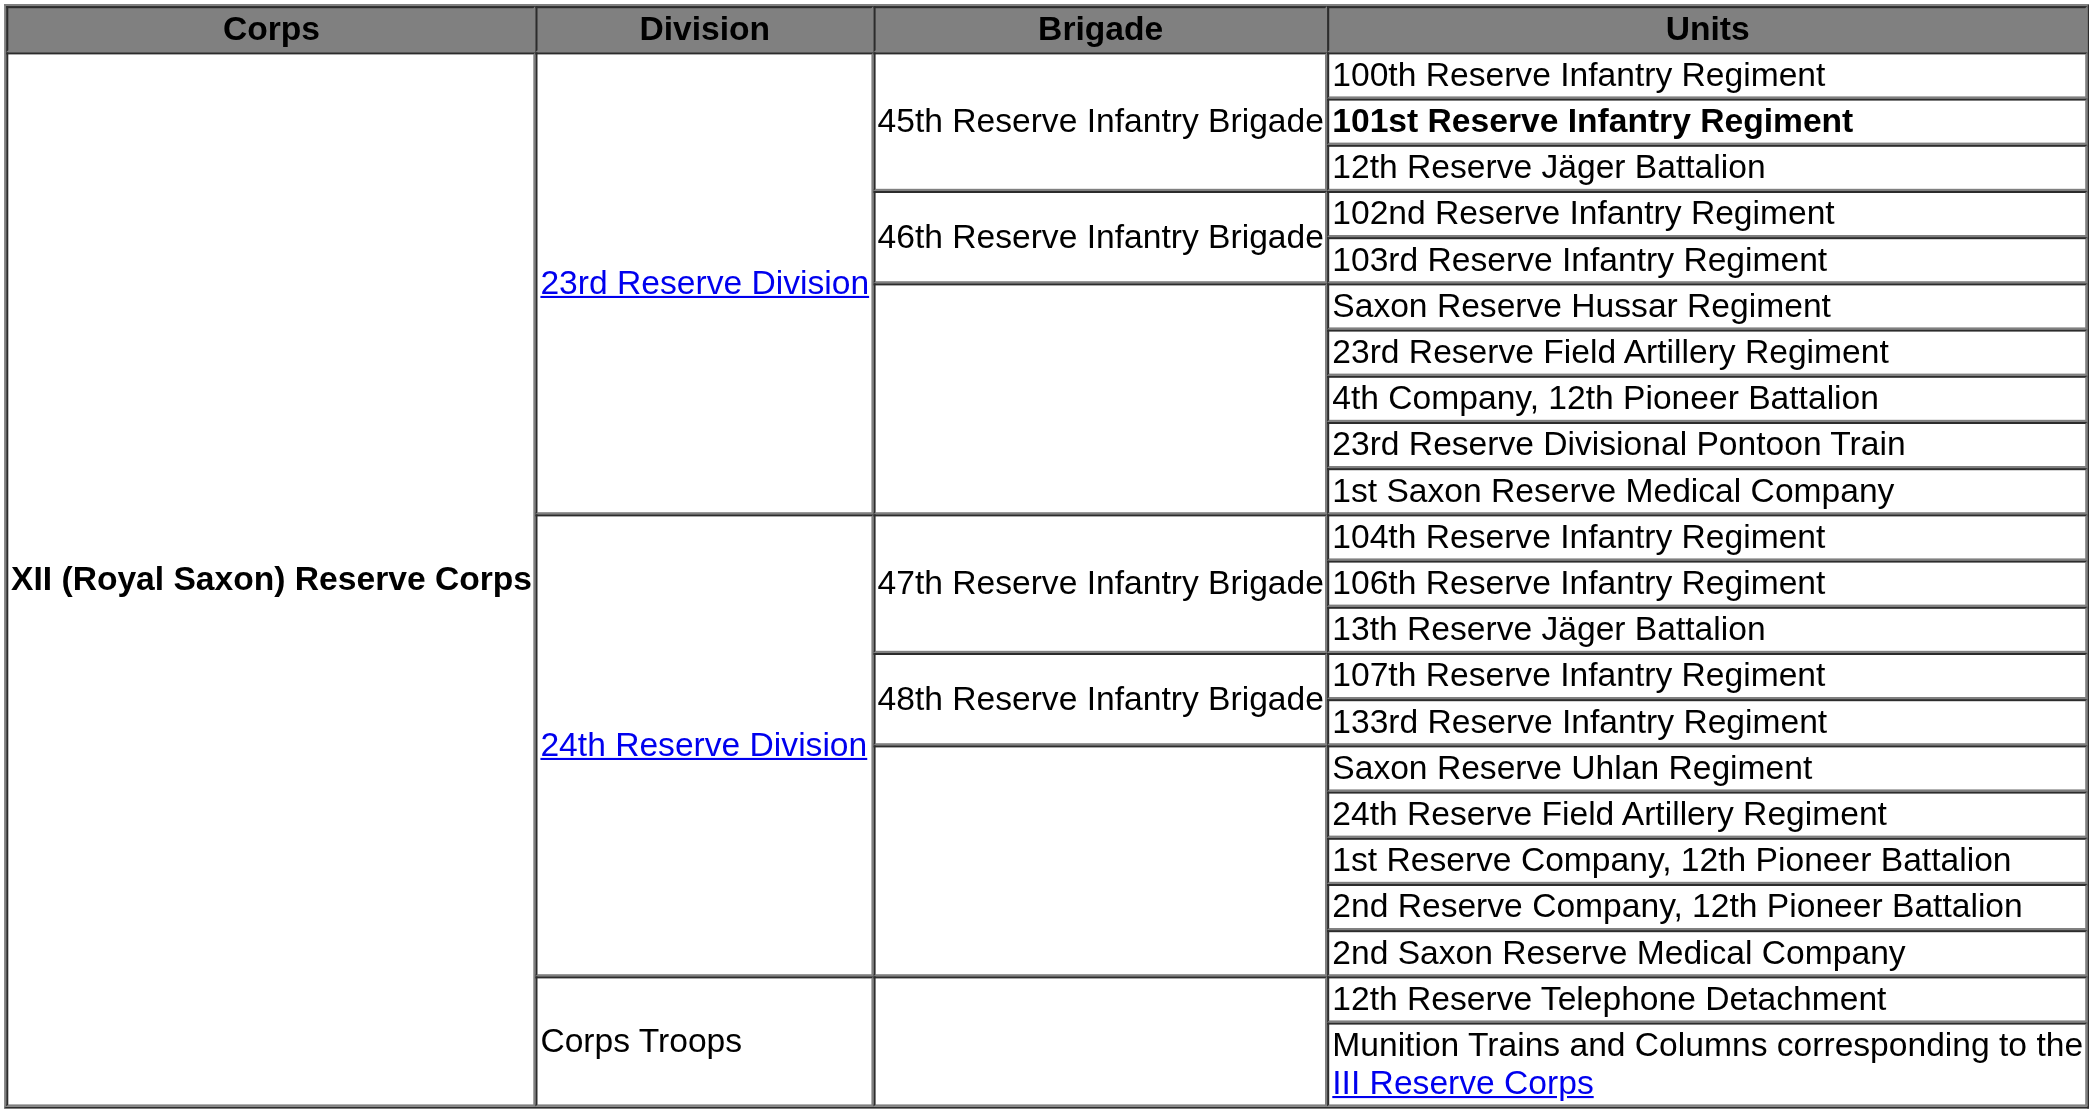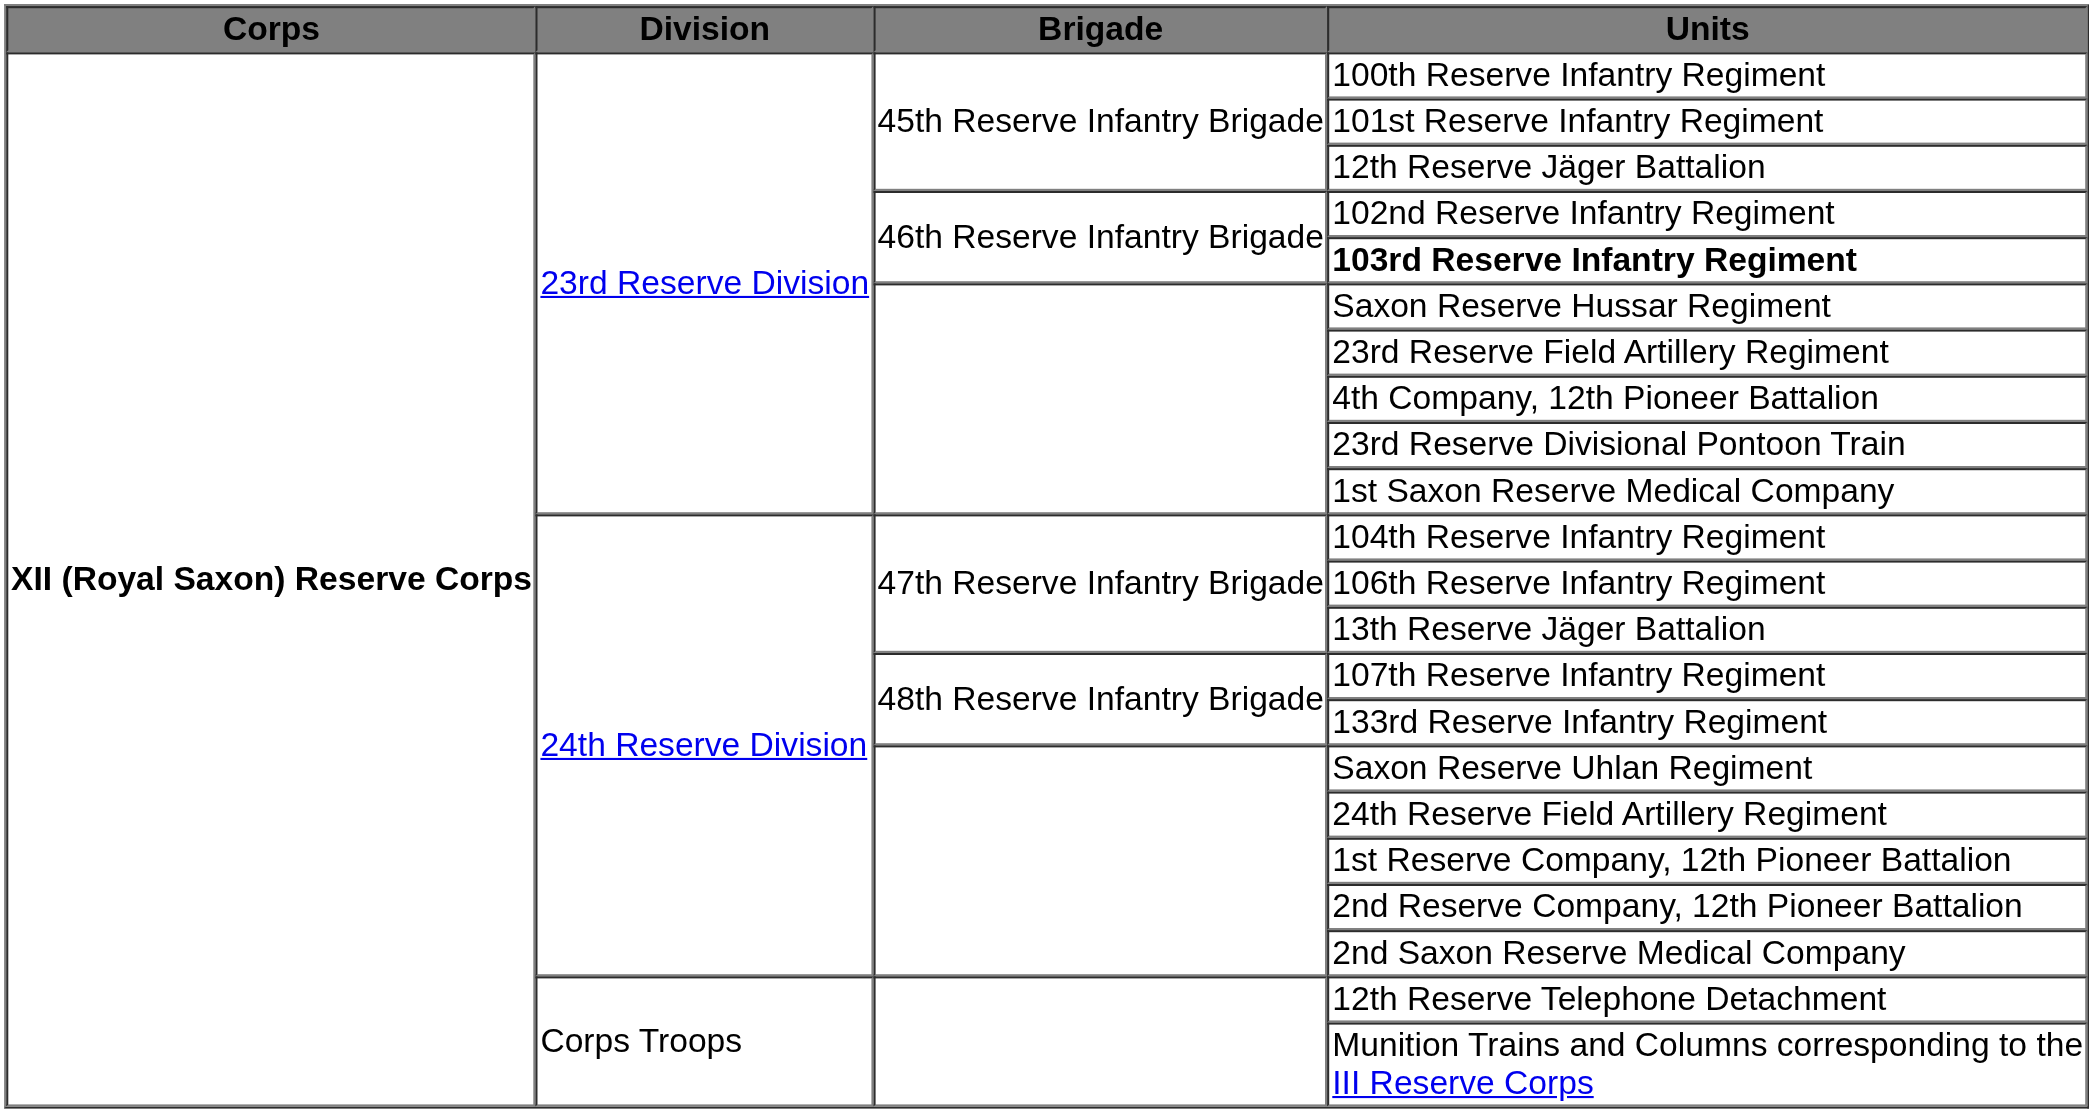 <table style="float: right;" border="1" cellpadding="1" cellspacing="0" style="font-size: 100%; border: gray solid 1px; border-collapse: collapse; text-align: center;">
 <tr style="background-color:grey; color:black;">
 <th>Corps</th>
 <th>Division</th>
 <th>Brigade</th>
 <th>Units</th>
 </tr>
 <tr>
 <td ROWSPAN=22><strong>XII (Royal Saxon) Reserve Corps</strong></td>
 <td ROWSPAN=10><a href='#'>23rd Reserve Division</a></td>
 <td ROWSPAN=3>45th Reserve Infantry Brigade</td>
 <td>100th Reserve Infantry Regiment</td>
 </tr>
 <tr>
-<td><strong>101st Reserve Infantry Regiment</strong></td>
+<td>101st Reserve Infantry Regiment</td>
 </tr>
 <tr>
 <td>12th Reserve Jäger Battalion</td>
 </tr>
 <tr>
 <td ROWSPAN=2>46th Reserve Infantry Brigade</td>
 <td>102nd Reserve Infantry Regiment</td>
 </tr>
 <tr>
-<td>103rd Reserve Infantry Regiment</td>
+<td><strong>103rd Reserve Infantry Regiment</strong></td>
 </tr>
 <tr>
 <td ROWSPAN=5></td>
 <td>Saxon Reserve Hussar Regiment</td>
 </tr>
 <tr>
 <td>23rd Reserve Field Artillery Regiment</td>
 </tr>
 <tr>
 <td>4th Company, 12th Pioneer Battalion</td>
 </tr>
 <tr>
 <td>23rd Reserve Divisional Pontoon Train</td>
 </tr>
 <tr>
 <td>1st Saxon Reserve Medical Company</td>
 </tr>
 <tr>
 <td ROWSPAN=10><a href='#'>24th Reserve Division</a></td>
 <td ROWSPAN=3>47th Reserve Infantry Brigade</td>
 <td>104th Reserve Infantry Regiment</td>
 </tr>
 <tr>
 <td>106th Reserve Infantry Regiment</td>
 </tr>
 <tr>
 <td>13th Reserve Jäger Battalion</td>
 </tr>
 <tr>
 <td ROWSPAN=2>48th Reserve Infantry Brigade</td>
 <td>107th Reserve Infantry Regiment</td>
 </tr>
 <tr>
 <td>133rd Reserve Infantry Regiment</td>
 </tr>
 <tr>
 <td ROWSPAN=5></td>
 <td>Saxon Reserve Uhlan Regiment</td>
 </tr>
 <tr>
 <td>24th Reserve Field Artillery Regiment</td>
 </tr>
 <tr>
 <td>1st Reserve Company, 12th Pioneer Battalion</td>
 </tr>
 <tr>
 <td>2nd Reserve Company, 12th Pioneer Battalion</td>
 </tr>
 <tr>
 <td>2nd Saxon Reserve Medical Company</td>
 </tr>
 <tr>
 <td ROWSPAN=2>Corps Troops</td>
 <td ROWSPAN=2></td>
 <td>12th Reserve Telephone Detachment</td>
 </tr>
 <tr>
 <td>Munition Trains and Columns corresponding to the<br><a href='#'>III Reserve Corps</a></td>
 </tr>
 </table>
